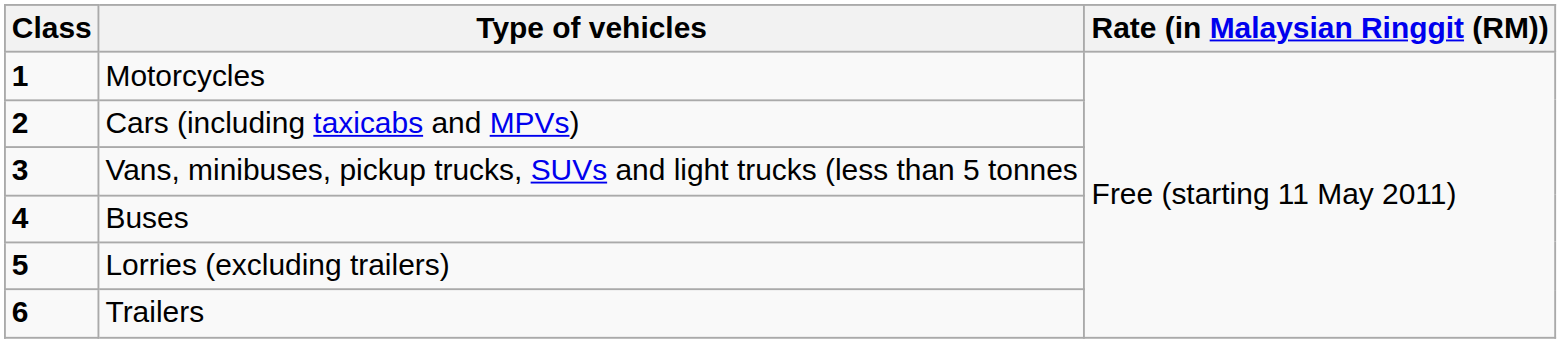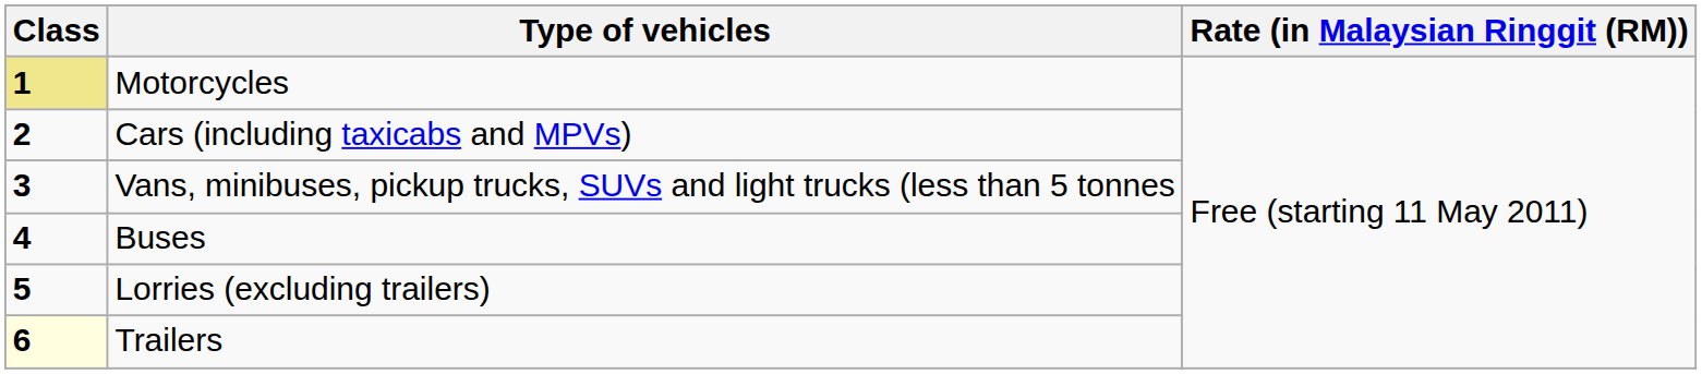 <table class="wikitable">
 <tr>
 <th>Class</th>
 <th>Type of vehicles</th>
 <th>Rate (in <a href='#'>Malaysian Ringgit</a> (RM))</th>
 </tr>
 <tr>
-<td><strong>1</strong></td>
+<td style="background: khaki;"><strong>1</strong></td>
 <td>Motorcycles</td>
 <td colspan="3" rowspan="6">Free (starting 11 May 2011)</td>
 </tr>
 <tr>
 <td><strong>2</strong></td>
 <td>Cars (including <a href='#'>taxicabs</a> and <a href='#'>MPVs</a>)</td>
 </tr>
 <tr>
 <td><strong>3</strong></td>
 <td>Vans, minibuses, pickup trucks, <a href='#'>SUVs</a> and light trucks (less than 5 tonnes</td>
 </tr>
 <tr>
 <td><strong>4</strong></td>
 <td>Buses</td>
 </tr>
 <tr>
 <td><strong>5</strong></td>
 <td>Lorries (excluding trailers)</td>
 </tr>
 <tr>
-<td><strong>6</strong></td>
+<td style="background: lightyellow;"><strong>6</strong></td>
 <td>Trailers</td>
 </tr>
 </table>
